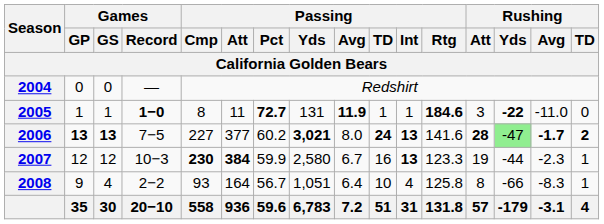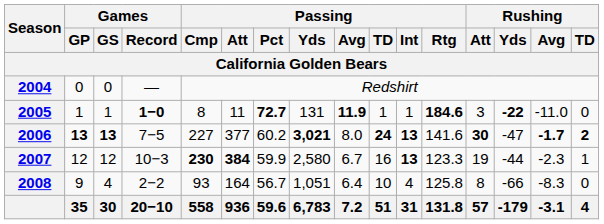 <table class="wikitable" style="text-align:center;">
 <tr>
 <th rowspan="2">Season</th>
 <th colspan="3">Games</th>
 <th colspan="8">Passing</th>
 <th colspan="5">Rushing</th>
 </tr>
 <tr>
 <th>GP</th>
 <th>GS</th>
 <th>Record</th>
 <th>Cmp</th>
 <th>Att</th>
 <th>Pct</th>
 <th>Yds</th>
 <th>Avg</th>
 <th>TD</th>
 <th>Int</th>
 <th>Rtg</th>
 <th>Att</th>
 <th>Yds</th>
 <th>Avg</th>
 <th>TD</th>
 </tr>
 <tr>
 <th colspan="16">California Golden Bears</th>
 </tr>
 <tr>
 <th><a href='#'>2004</a></th>
 <td>0</td>
 <td>0</td>
 <td>—</td>
 <td colspan="12"><em>Redshirt </em></td>
 </tr>
 <tr>
 <th><a href='#'>2005</a></th>
 <td>1</td>
 <td>1</td>
 <td><strong>1−0</strong></td>
 <td>8</td>
 <td>11</td>
 <td><strong>72.7</strong></td>
 <td>131</td>
 <td><strong>11.9</strong></td>
 <td>1</td>
 <td>1</td>
 <td><strong>184.6</strong></td>
 <td>3</td>
 <td><strong>-22</strong></td>
 <td>-11.0</td>
 <td>0</td>
 </tr>
 <tr>
 <th><a href='#'>2006</a></th>
 <td><strong>13</strong></td>
 <td><strong>13</strong></td>
 <td>7−5</td>
 <td>227</td>
 <td>377</td>
 <td>60.2</td>
 <td><strong>3,021</strong></td>
 <td>8.0</td>
 <td><strong>24</strong></td>
 <td><strong>13</strong></td>
 <td>141.6</td>
-<td><strong>28</strong></td>
-<td style="background: lightgreen;">-47</td>
+<td><strong>30</strong></td>
+<td>-47</td>
 <td><strong>-1.7</strong></td>
 <td><strong>2</strong></td>
 </tr>
 <tr>
 <th><a href='#'>2007</a></th>
 <td>12</td>
 <td>12</td>
 <td>10−3</td>
 <td><strong>230</strong></td>
 <td><strong>384</strong></td>
 <td>59.9</td>
 <td>2,580</td>
 <td>6.7</td>
 <td>16</td>
 <td><strong>13</strong></td>
 <td>123.3</td>
 <td>19</td>
 <td>-44</td>
 <td>-2.3</td>
 <td>1</td>
 </tr>
 <tr>
 <th><a href='#'>2008</a></th>
 <td>9</td>
 <td>4</td>
 <td>2−2</td>
 <td>93</td>
 <td>164</td>
 <td>56.7</td>
 <td>1,051</td>
 <td>6.4</td>
 <td>10</td>
 <td>4</td>
 <td>125.8</td>
 <td>8</td>
 <td>-66</td>
 <td>-8.3</td>
-<td>1</td>
+<td>0</td>
 </tr>
 <tr>
 <th></th>
 <th>35</th>
 <th>30</th>
 <th>20−10</th>
 <th>558</th>
 <th>936</th>
 <th>59.6</th>
 <th>6,783</th>
 <th>7.2</th>
 <th>51</th>
 <th>31</th>
 <th>131.8</th>
 <th>57</th>
 <th>-179</th>
 <th>-3.1</th>
 <th>4</th>
 </tr>
 </table>
